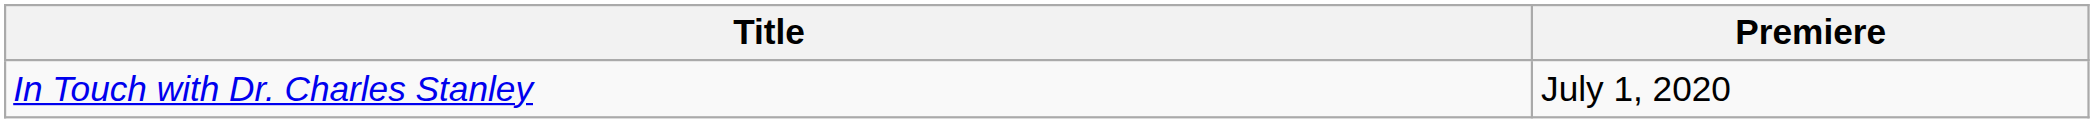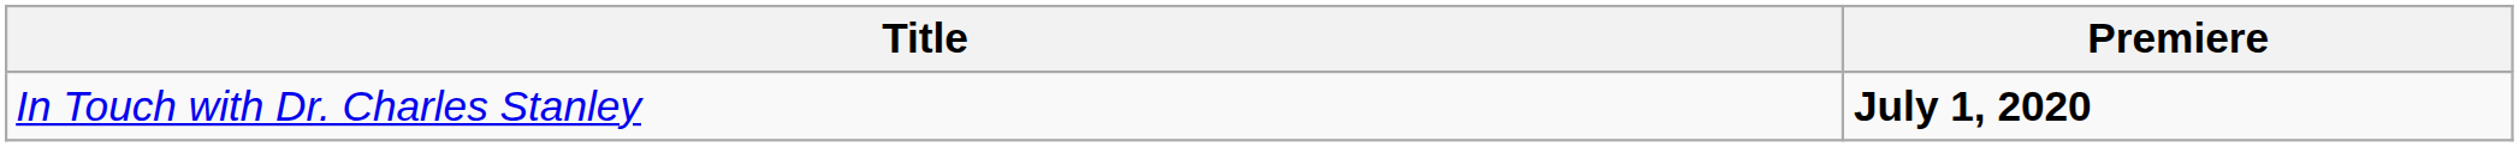 <table class="wikitable sortable" width="75%">
 <tr>
 <th style="width:55%;">Title</th>
 <th style="width:20%;">Premiere</th>
 </tr>
 <tr>
 <td><em><a href='#'>In Touch with Dr. Charles Stanley</a></em></td>
-<td>July 1, 2020</td>
+<td><strong>July 1, 2020</strong></td>
 </tr>
 </table>
